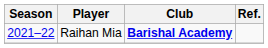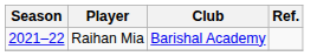 <table class="wikitable">
 <tr>
 <th>Season</th>
 <th>Player</th>
 <th>Club</th>
 <th>Ref.</th>
 </tr>
 <tr>
 <td><a href='#'>2021–22</a></td>
 <td>Raihan Mia</td>
-<td><strong><a href='#'>Barishal Academy</a></strong></td>
+<td><a href='#'>Barishal Academy</a></td>
 <td></td>
 </tr>
 <tr>
 </tr>
 </table>
